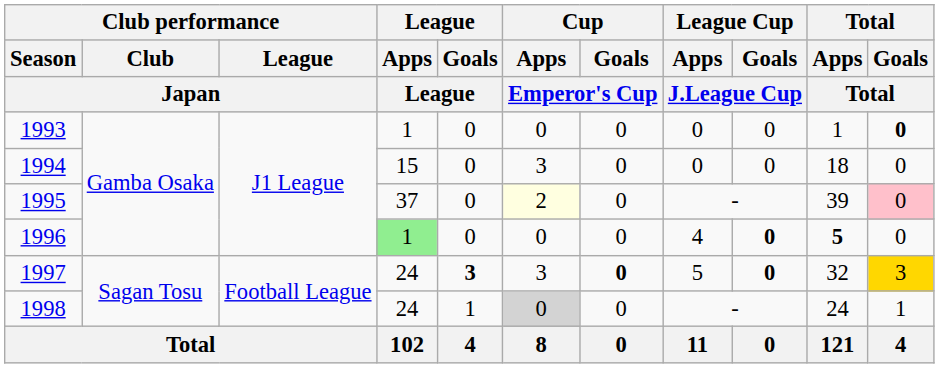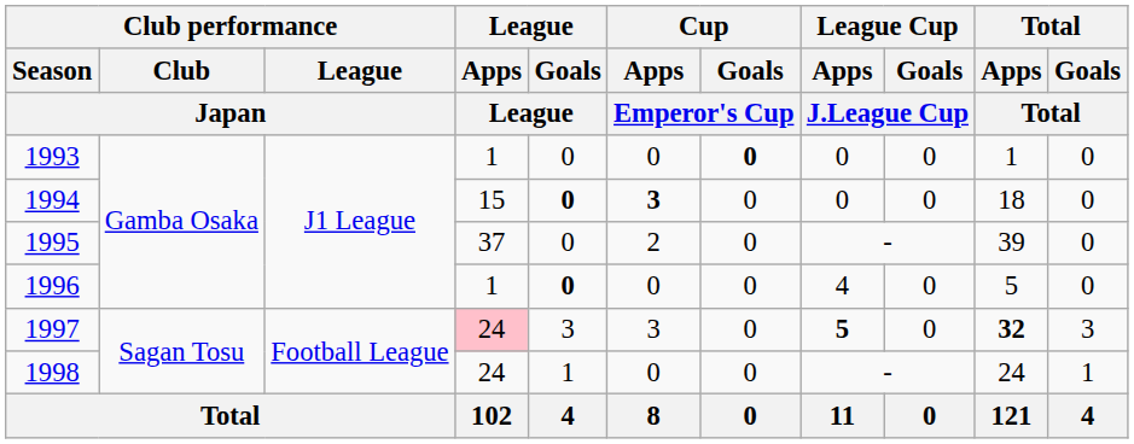 <table class="wikitable" style="text-align:center;">
 <tr>
 <th colspan=3>Club performance</th>
 <th colspan=2>League</th>
 <th colspan=2>Cup</th>
 <th colspan=2>League Cup</th>
 <th colspan=2>Total</th>
 </tr>
 <tr>
 <th>Season</th>
 <th>Club</th>
 <th>League</th>
 <th>Apps</th>
 <th>Goals</th>
 <th>Apps</th>
 <th>Goals</th>
 <th>Apps</th>
 <th>Goals</th>
 <th>Apps</th>
 <th>Goals</th>
 </tr>
 <tr>
 <th colspan=3>Japan</th>
 <th colspan=2>League</th>
 <th colspan=2><a href='#'>Emperor's Cup</a></th>
 <th colspan=2><a href='#'>J.League Cup</a></th>
 <th colspan=2>Total</th>
 </tr>
 <tr>
 <td><a href='#'>1993</a></td>
 <td rowspan="4"><a href='#'>Gamba Osaka</a></td>
 <td rowspan="4"><a href='#'>J1 League</a></td>
 <td>1</td>
 <td>0</td>
 <td>0</td>
-<td>0</td>
+<td><strong>0</strong></td>
 <td>0</td>
 <td>0</td>
 <td>1</td>
-<td><strong>0</strong></td>
+<td>0</td>
 </tr>
 <tr>
 <td><a href='#'>1994</a></td>
 <td>15</td>
-<td>0</td>
-<td>3</td>
+<td><strong>0</strong></td>
+<td><strong>3</strong></td>
 <td>0</td>
 <td>0</td>
 <td>0</td>
 <td>18</td>
 <td>0</td>
 </tr>
 <tr>
 <td><a href='#'>1995</a></td>
 <td>37</td>
 <td>0</td>
-<td style="background: lightyellow;">2</td>
+<td>2</td>
 <td>0</td>
 <td colspan="2">-</td>
 <td>39</td>
-<td style="background: pink;">0</td>
+<td>0</td>
 </tr>
 <tr>
 <td><a href='#'>1996</a></td>
-<td style="background: lightgreen;">1</td>
-<td>0</td>
+<td>1</td>
+<td><strong>0</strong></td>
 <td>0</td>
 <td>0</td>
 <td>4</td>
-<td><strong>0</strong></td>
-<td><strong>5</strong></td>
+<td>0</td>
+<td>5</td>
 <td>0</td>
 </tr>
 <tr>
 <td><a href='#'>1997</a></td>
 <td rowspan="2"><a href='#'>Sagan Tosu</a></td>
 <td rowspan="2"><a href='#'>Football League</a></td>
-<td>24</td>
-<td><strong>3</strong></td>
+<td style="background: pink;">24</td>
 <td>3</td>
-<td><strong>0</strong></td>
-<td>5</td>
-<td><strong>0</strong></td>
-<td>32</td>
-<td style="background: gold;">3</td>
+<td>3</td>
+<td>0</td>
+<td><strong>5</strong></td>
+<td>0</td>
+<td><strong>32</strong></td>
+<td>3</td>
 </tr>
 <tr>
 <td><a href='#'>1998</a></td>
 <td>24</td>
 <td>1</td>
-<td style="background: lightgrey;">0</td>
+<td>0</td>
 <td>0</td>
 <td colspan="2">-</td>
 <td>24</td>
 <td>1</td>
 </tr>
 <tr>
 <th colspan=3>Total</th>
 <th>102</th>
 <th>4</th>
 <th>8</th>
 <th>0</th>
 <th>11</th>
 <th>0</th>
 <th>121</th>
 <th>4</th>
 </tr>
 </table>
